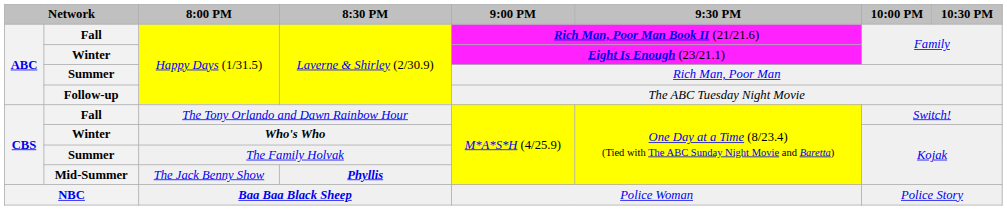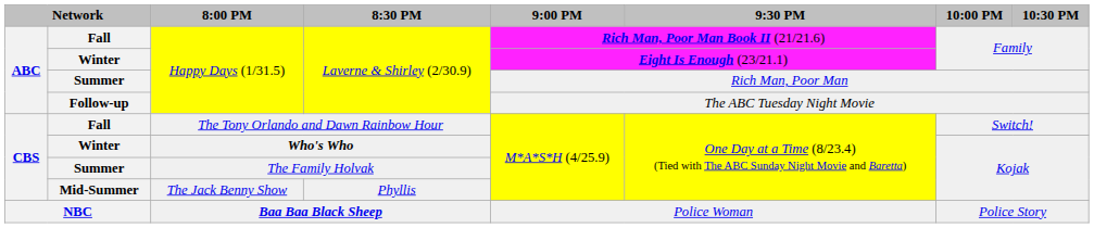 <table class="wikitable" style="width:100%;margin-right:0;text-align:center">
 <tr>
 <th colspan="2" style="background-color:#C0C0C0;text-align:center">Network</th>
 <th style="background-color:#C0C0C0;text-align:center">8:00 PM</th>
 <th style="background-color:#C0C0C0;text-align:center">8:30 PM</th>
 <th style="background-color:#C0C0C0;text-align:center">9:00 PM</th>
 <th style="background-color:#C0C0C0;text-align:center">9:30 PM</th>
 <th style="background-color:#C0C0C0;text-align:center">10:00 PM</th>
 <th style="background-color:#C0C0C0;text-align:center">10:30 PM</th>
 </tr>
 <tr>
 <th rowspan="4" bgcolor="#C0C0C0"><a href='#'>ABC</a></th>
 <th>Fall</th>
 <td rowspan="4" bgcolor="#FFFF00"><em><a href='#'>Happy Days</a></em> (1/31.5)</td>
 <td rowspan="4" bgcolor="#FFFF00"><em><a href='#'>Laverne & Shirley</a></em> (2/30.9)</td>
 <td bgcolor="#FF22FF" colspan="2"><strong><em><a href='#'>Rich Man, Poor Man Book II</a></em></strong> (21/21.6)</td>
 <td bgcolor="#F0F0F0" colspan="2" rowspan="2"><em><a href='#'>Family</a></em></td>
 </tr>
 <tr>
 <th>Winter</th>
 <td bgcolor="#FF22FF" colspan="2"><strong><em><a href='#'>Eight Is Enough</a></em></strong> (23/21.1)</td>
 </tr>
 <tr>
 <th>Summer</th>
 <td bgcolor="#F0F0F0" colspan="4"><em><a href='#'>Rich Man, Poor Man</a></em></td>
 </tr>
 <tr>
 <th>Follow-up</th>
 <td colspan="4" bgcolor="#F0F0F0"><em>The ABC Tuesday Night Movie</em></td>
 </tr>
 <tr>
 <th rowspan="4" bgcolor="#C0C0C0"><a href='#'>CBS</a></th>
 <th>Fall</th>
 <td colspan="2" bgcolor="#F0F0F0"><em><a href='#'>The Tony Orlando and Dawn Rainbow Hour</a></em></td>
 <td rowspan="4" bgcolor="#FFFF00"><em><a href='#'>M*A*S*H</a></em> (4/25.9)</td>
 <td rowspan="4" bgcolor="#FFFF00"><em><a href='#'>One Day at a Time</a></em> (8/23.4)<br><small>(Tied with <a href='#'>The ABC Sunday Night Movie</a> and <em><a href='#'>Baretta</a></em>)</small></td>
 <td colspan="2" bgcolor="#F0F0F0"><em><a href='#'>Switch!</a></em></td>
 </tr>
 <tr>
 <th>Winter</th>
 <td colspan="2" bgcolor="#F0F0F0"><strong><em>Who's Who</em></strong></td>
 <td colspan="2" rowspan="3" bgcolor="#F0F0F0"><em><a href='#'>Kojak</a></em></td>
 </tr>
 <tr>
 <th>Summer</th>
 <td colspan="2" bgcolor="#F0F0F0"><em><a href='#'>The Family Holvak</a></em></td>
 </tr>
 <tr>
 <th>Mid-Summer</th>
 <td bgcolor="#F0F0F0"><em><a href='#'>The Jack Benny Show</a></em></td>
-<td bgcolor="#F0F0F0"><strong><em><a href='#'>Phyllis</a></em></strong></td>
+<td bgcolor="#F0F0F0"><em><a href='#'>Phyllis</a></em></td>
 </tr>
 <tr>
 <th bgcolor="#C0C0C0" colspan="2"><a href='#'>NBC</a></th>
 <td bgcolor="#F0F0F0" colspan="2"><strong><em><a href='#'>Baa Baa Black Sheep</a></em></strong></td>
 <td bgcolor="#F0F0F0" colspan="2"><em><a href='#'>Police Woman</a></em></td>
 <td bgcolor="#F0F0F0" colspan="2"><em><a href='#'>Police Story</a></em></td>
 </tr>
 </table>
